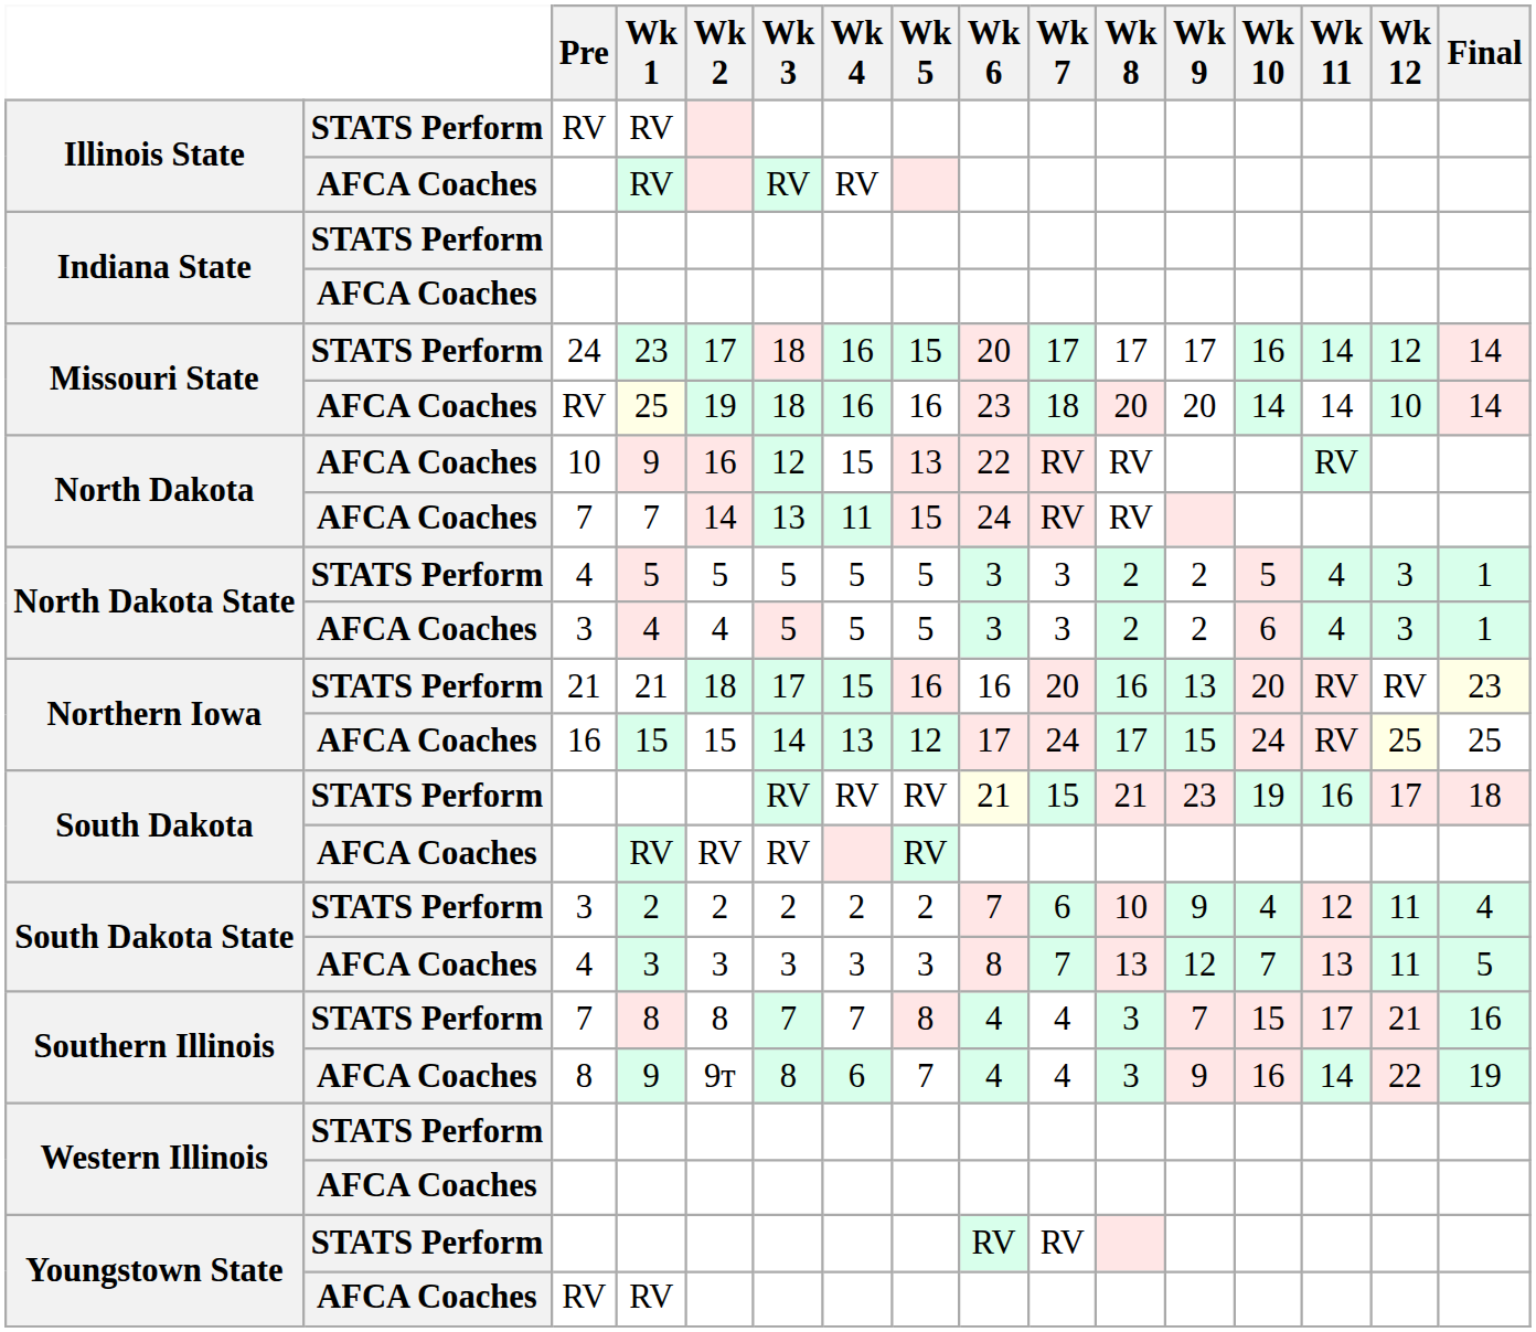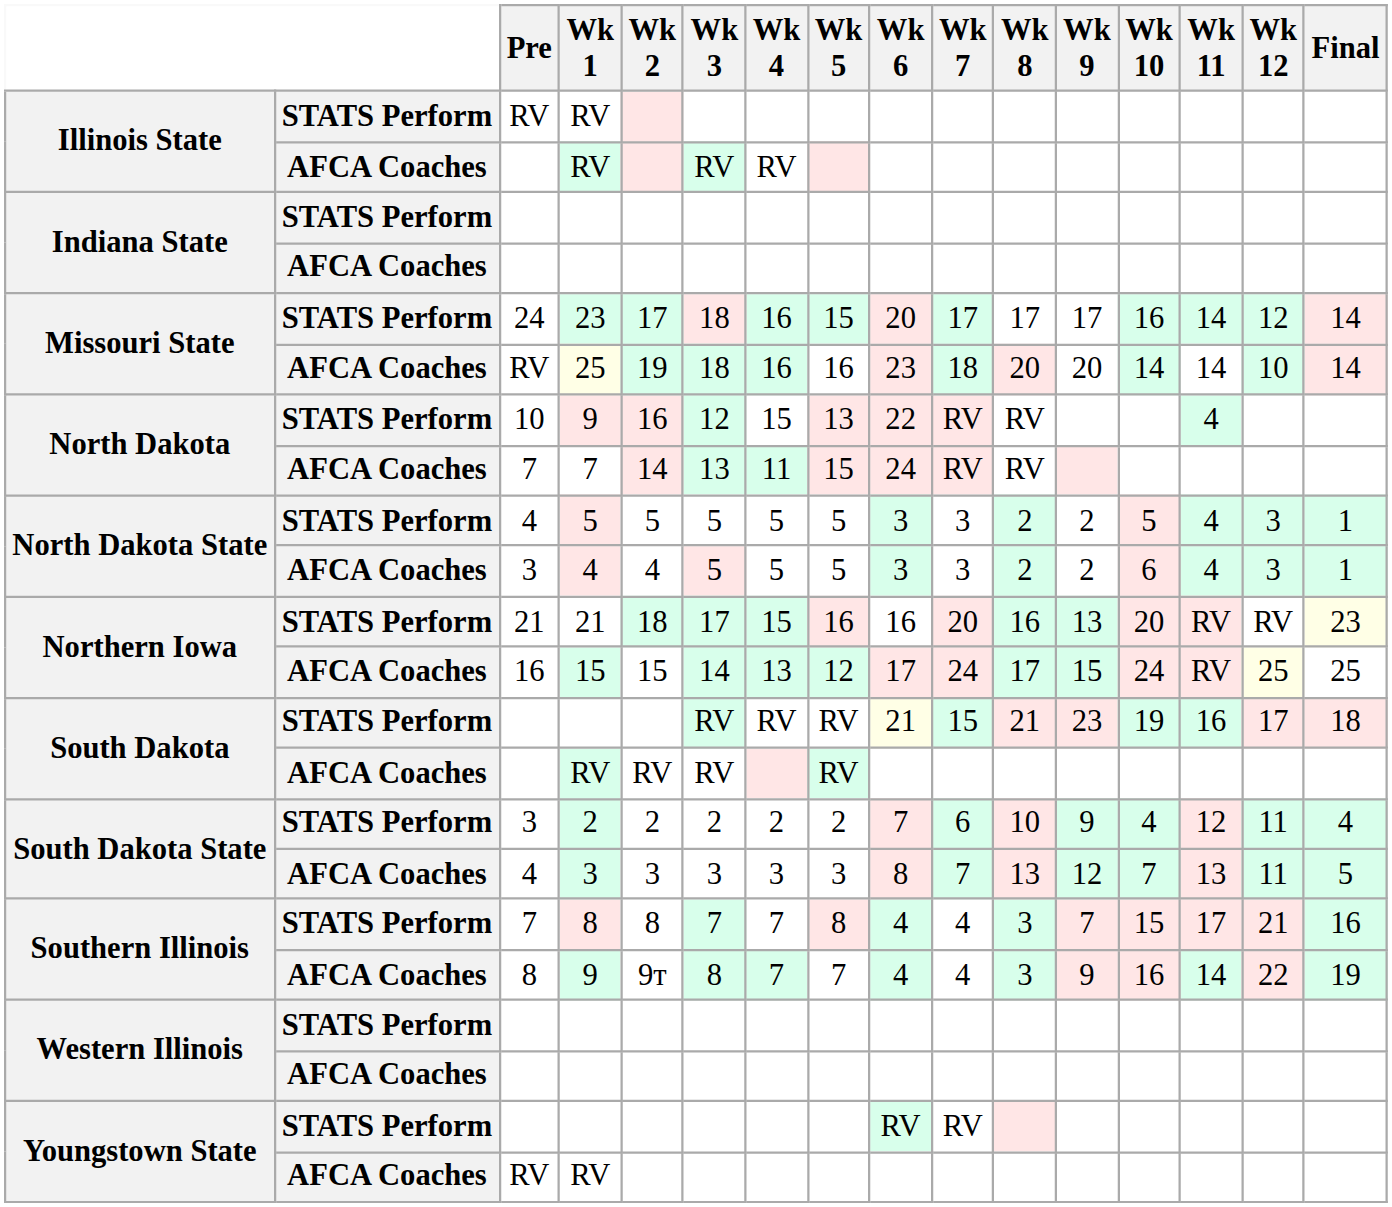 <table class="wikitable" style="white-space:nowrap;font-size:85%;">
 <tr>
 <th colspan=2 style="background:white; border-top-style:hidden; border-left-style:hidden;"> </th>
 <th>Pre</th>
 <th>Wk<br>1</th>
 <th>Wk<br>2</th>
 <th>Wk<br>3</th>
 <th>Wk<br>4</th>
 <th>Wk<br>5</th>
 <th>Wk<br>6</th>
 <th>Wk<br>7</th>
 <th>Wk<br>8</th>
 <th>Wk<br>9</th>
 <th>Wk<br>10</th>
 <th>Wk<br>11</th>
 <th>Wk<br>12</th>
 <th>Final</th>
 </tr>
 <tr style="text-align:center;">
 <th rowspan="2">Illinois State</th>
 <th>STATS Perform</th>
 <td style="background:#FFF;">RV</td>
 <td style="background:#FFF;">RV</td>
 <td style="background:#FFe6e6;"></td>
 <td style="background:#FFF;"></td>
 <td style="background:#FFF;"></td>
 <td style="background:#FFF;"></td>
 <td style="background:#FFF;"></td>
 <td style="background:#FFF;"></td>
 <td style="background:#FFF;"></td>
 <td style="background:#FFF;"></td>
 <td style="background:#FFF;"></td>
 <td style="background:#FFF;"></td>
 <td style="background:#FFF;"></td>
 <td style="background:#FFF;"></td>
 </tr>
 <tr style="text-align:center;">
 <th>AFCA Coaches</th>
 <td style="background:#FFF;"></td>
 <td style="background:#d8ffeb;">RV</td>
 <td style="background:#FFe6e6;"></td>
 <td style="background:#d8ffeb;">RV</td>
 <td style="background:#FFF;">RV</td>
 <td style="background:#FFe6e6;"></td>
 <td style="background:#FFF;"></td>
 <td style="background:#FFF;"></td>
 <td style="background:#FFF;"></td>
 <td style="background:#FFF;"></td>
 <td style="background:#FFF;"></td>
 <td style="background:#FFF;"></td>
 <td style="background:#FFF;"></td>
 <td style="background:#FFF;"></td>
 </tr>
 <tr style="text-align:center;">
 <th rowspan="2">Indiana State</th>
 <th>STATS Perform</th>
 <td style="background:#FFF;"></td>
 <td style="background:#FFF;"></td>
 <td style="background:#FFF;"></td>
 <td style="background:#FFF;"></td>
 <td style="background:#FFF;"></td>
 <td style="background:#FFF;"></td>
 <td style="background:#FFF;"></td>
 <td style="background:#FFF;"></td>
 <td style="background:#FFF;"></td>
 <td style="background:#FFF;"></td>
 <td style="background:#FFF;"></td>
 <td style="background:#FFF;"></td>
 <td style="background:#FFF;"></td>
 <td style="background:#FFF;"></td>
 </tr>
 <tr style="text-align:center;">
 <th>AFCA Coaches</th>
 <td style="background:#FFF;"></td>
 <td style="background:#FFF;"></td>
 <td style="background:#FFF;"></td>
 <td style="background:#FFF;"></td>
 <td style="background:#FFF;"></td>
 <td style="background:#FFF;"></td>
 <td style="background:#FFF;"></td>
 <td style="background:#FFF;"></td>
 <td style="background:#FFF;"></td>
 <td style="background:#FFF;"></td>
 <td style="background:#FFF;"></td>
 <td style="background:#FFF;"></td>
 <td style="background:#FFF;"></td>
 <td style="background:#FFF;"></td>
 </tr>
 <tr style="text-align:center;">
 <th rowspan="2">Missouri State</th>
 <th>STATS Perform</th>
 <td style="background:#FFF;">24</td>
 <td style="background:#d8ffeb;">23</td>
 <td style="background:#d8ffeb;">17</td>
 <td style="background:#FFe6e6;">18</td>
 <td style="background:#d8ffeb;">16</td>
 <td style="background:#d8ffeb;">15</td>
 <td style="background:#FFe6e6;">20</td>
 <td style="background:#d8ffeb;">17</td>
 <td style="background:#FFF;">17</td>
 <td style="background:#FFF;">17</td>
 <td style="background:#d8ffeb;">16</td>
 <td style="background:#d8ffeb;">14</td>
 <td style="background:#d8ffeb;">12</td>
 <td style="background:#FFe6e6;">14</td>
 </tr>
 <tr style="text-align:center;">
 <th>AFCA Coaches</th>
 <td style="background:#FFF;">RV</td>
 <td style="background:#FFffe6;">25</td>
 <td style="background:#d8ffeb;">19</td>
 <td style="background:#d8ffeb;">18</td>
 <td style="background:#d8ffeb;">16</td>
 <td style="background:#FFF;">16</td>
 <td style="background:#FFe6e6;">23</td>
 <td style="background:#d8ffeb;">18</td>
 <td style="background:#FFe6e6;">20</td>
 <td style="background:#FFF;">20</td>
 <td style="background:#d8ffeb;">14</td>
 <td style="background:#FFF;">14</td>
 <td style="background:#d8ffeb;">10</td>
 <td style="background:#FFe6e6;">14</td>
 </tr>
 <tr style="text-align:center;">
 <th rowspan="2">North Dakota</th>
-<th>AFCA Coaches</th>
+<th>STATS Perform</th>
 <td style="background:#FFF;">10</td>
 <td style="background:#FFe6e6;">9</td>
 <td style="background:#FFe6e6;">16</td>
 <td style="background:#d8ffeb;">12</td>
 <td style="background:#FFF;">15</td>
 <td style="background:#FFe6e6;">13</td>
 <td style="background:#FFe6e6;">22</td>
 <td style="background:#FFe6e6;">RV</td>
 <td style="background:#FFF;">RV</td>
 <td style="background:#FFF;"></td>
 <td style="background:#FFF;"></td>
-<td style="background:#d8ffeb;">RV</td>
+<td style="background:#d8ffeb;">4</td>
 <td style="background:#FFF;"></td>
 <td style="background:#FFF;"></td>
 </tr>
 <tr style="text-align:center;">
 <th>AFCA Coaches</th>
 <td style="background:#FFF;">7</td>
 <td style="background:#FFF;">7</td>
 <td style="background:#FFe6e6;">14</td>
 <td style="background:#d8ffeb;">13</td>
 <td style="background:#d8ffeb;">11</td>
 <td style="background:#FFe6e6;">15</td>
 <td style="background:#FFe6e6;">24</td>
 <td style="background:#FFe6e6;">RV</td>
 <td style="background:#FFF;">RV</td>
 <td style="background:#FFe6e6;"></td>
 <td style="background:#FFF;"></td>
 <td style="background:#FFF;"></td>
 <td style="background:#FFF;"></td>
 <td style="background:#FFF;"></td>
 </tr>
 <tr style="text-align:center;">
 <th rowspan="2">North Dakota State</th>
 <th>STATS Perform</th>
 <td style="background:#FFF;">4</td>
 <td style="background:#FFe6e6;">5</td>
 <td style="background:#FFF;">5</td>
 <td style="background:#FFF;">5</td>
 <td style="background:#FFF;">5</td>
 <td style="background:#FFF;">5</td>
 <td style="background:#d8ffeb;">3</td>
 <td style="background:#FFF;">3</td>
 <td style="background:#d8ffeb;">2</td>
 <td style="background:#FFF;">2</td>
 <td style="background:#FFe6e6;">5</td>
 <td style="background:#d8ffeb;">4</td>
 <td style="background:#d8ffeb;">3</td>
 <td style="background:#d8ffeb;">1</td>
 </tr>
 <tr style="text-align:center;">
 <th>AFCA Coaches</th>
 <td style="background:#FFF;">3</td>
 <td style="background:#FFe6e6;">4</td>
 <td style="background:#FFF;">4</td>
 <td style="background:#FFe6e6;">5</td>
 <td style="background:#FFF;">5</td>
 <td style="background:#FFF;">5</td>
 <td style="background:#d8ffeb;">3</td>
 <td style="background:#FFF;">3</td>
 <td style="background:#d8ffeb;">2</td>
 <td style="background:#FFF;">2</td>
 <td style="background:#FFe6e6;">6</td>
 <td style="background:#d8ffeb;">4</td>
 <td style="background:#d8ffeb;">3</td>
 <td style="background:#d8ffeb;">1</td>
 </tr>
 <tr style="text-align:center;">
 <th rowspan="2">Northern Iowa</th>
 <th>STATS Perform</th>
 <td style="background:#FFF;">21</td>
 <td style="background:#FFF;">21</td>
 <td style="background:#d8ffeb;">18</td>
 <td style="background:#d8ffeb;">17</td>
 <td style="background:#d8ffeb;">15</td>
 <td style="background:#FFe6e6;">16</td>
 <td style="background:#FFF;">16</td>
 <td style="background:#FFe6e6;">20</td>
 <td style="background:#d8ffeb;">16</td>
 <td style="background:#d8ffeb;">13</td>
 <td style="background:#FFe6e6;">20</td>
 <td style="background:#FFe6e6;">RV</td>
 <td style="background:#FFF;">RV</td>
 <td style="background:#FFffe6;">23</td>
 </tr>
 <tr style="text-align:center;">
 <th>AFCA Coaches</th>
 <td style="background:#FFF;">16</td>
 <td style="background:#d8ffeb;">15</td>
 <td style="background:#FFF;">15</td>
 <td style="background:#d8ffeb;">14</td>
 <td style="background:#d8ffeb;">13</td>
 <td style="background:#d8ffeb;">12</td>
 <td style="background:#FFe6e6;">17</td>
 <td style="background:#FFe6e6;">24</td>
 <td style="background:#d8ffeb;">17</td>
 <td style="background:#d8ffeb;">15</td>
 <td style="background:#FFe6e6;">24</td>
 <td style="background:#FFe6e6;">RV</td>
 <td style="background:#FFffe6;">25</td>
 <td style="background:#FFF;">25</td>
 </tr>
 <tr style="text-align:center;">
 <th rowspan="2">South Dakota</th>
 <th>STATS Perform</th>
 <td style="background:#FFF;"></td>
 <td style="background:#FFF;"></td>
 <td style="background:#FFF;"></td>
 <td style="background:#d8ffeb;">RV</td>
 <td style="background:#FFF;">RV</td>
 <td style="background:#FFF;">RV</td>
 <td style="background:#FFffe6;">21</td>
 <td style="background:#d8ffeb;">15</td>
 <td style="background:#FFe6e6;">21</td>
 <td style="background:#FFe6e6;">23</td>
 <td style="background:#d8ffeb;">19</td>
 <td style="background:#d8ffeb;">16</td>
 <td style="background:#FFe6e6;">17</td>
 <td style="background:#FFe6e6;">18</td>
 </tr>
 <tr style="text-align:center;">
 <th>AFCA Coaches</th>
 <td style="background:#FFF;"></td>
 <td style="background:#d8ffeb;">RV</td>
 <td style="background:#FFF;">RV</td>
 <td style="background:#FFF;">RV</td>
 <td style="background:#FFe6e6;"></td>
 <td style="background:#d8ffeb;">RV</td>
 <td style="background:#FFF;"></td>
 <td style="background:#FFF;"></td>
 <td style="background:#FFF;"></td>
 <td style="background:#FFF;"></td>
 <td style="background:#FFF;"></td>
 <td style="background:#FFF;"></td>
 <td style="background:#FFF;"></td>
 <td style="background:#FFF;"></td>
 </tr>
 <tr style="text-align:center;">
 <th rowspan="2">South Dakota State</th>
 <th>STATS Perform</th>
 <td style="background:#FFF;">3</td>
 <td style="background:#d8ffeb;">2</td>
 <td style="background:#FFF;">2</td>
 <td style="background:#FFF;">2</td>
 <td style="background:#FFF;">2</td>
 <td style="background:#FFF;">2</td>
 <td style="background:#FFe6e6;">7</td>
 <td style="background:#d8ffeb;">6</td>
 <td style="background:#FFe6e6;">10</td>
 <td style="background:#d8ffeb;">9</td>
 <td style="background:#d8ffeb;">4</td>
 <td style="background:#FFe6e6;">12</td>
 <td style="background:#d8ffeb;">11</td>
 <td style="background:#d8ffeb;">4</td>
 </tr>
 <tr style="text-align:center;">
 <th>AFCA Coaches</th>
 <td style="background:#FFF;">4</td>
 <td style="background:#d8ffeb;">3</td>
 <td style="background:#FFF;">3</td>
 <td style="background:#FFF;">3</td>
 <td style="background:#FFF;">3</td>
 <td style="background:#FFF;">3</td>
 <td style="background:#FFe6e6;">8</td>
 <td style="background:#d8ffeb;">7</td>
 <td style="background:#FFe6e6;">13</td>
 <td style="background:#d8ffeb;">12</td>
 <td style="background:#d8ffeb;">7</td>
 <td style="background:#FFe6e6;">13</td>
 <td style="background:#d8ffeb;">11</td>
 <td style="background:#d8ffeb;">5</td>
 </tr>
 <tr style="text-align:center;">
 <th rowspan="2">Southern Illinois</th>
 <th>STATS Perform</th>
 <td style="background:#FFF;">7</td>
 <td style="background:#FFe6e6;">8</td>
 <td style="background:#FFF;">8</td>
 <td style="background:#d8ffeb;">7</td>
 <td style="background:#FFF;">7</td>
 <td style="background:#FFe6e6;">8</td>
 <td style="background:#d8ffeb;">4</td>
 <td style="background:#FFF;">4</td>
 <td style="background:#d8ffeb;">3</td>
 <td style="background:#FFe6e6;">7</td>
 <td style="background:#FFe6e6;">15</td>
 <td style="background:#FFe6e6;">17</td>
 <td style="background:#FFe6e6;">21</td>
 <td style="background:#d8ffeb;">16</td>
 </tr>
 <tr style="text-align:center;">
 <th>AFCA Coaches</th>
 <td style="background:#FFF;">8</td>
 <td style="background:#d8ffeb;">9</td>
 <td style="background:#FFF;">9т</td>
 <td style="background:#d8ffeb;">8</td>
-<td style="background:#d8ffeb;">6</td>
+<td style="background:#d8ffeb;">7</td>
 <td style="background:#FFF;">7</td>
 <td style="background:#d8ffeb;">4</td>
 <td style="background:#FFF;">4</td>
 <td style="background:#d8ffeb;">3</td>
 <td style="background:#FFe6e6;">9</td>
 <td style="background:#FFe6e6;">16</td>
 <td style="background:#d8ffeb;">14</td>
 <td style="background:#FFe6e6;">22</td>
 <td style="background:#d8ffeb;">19</td>
 </tr>
 <tr style="text-align:center;">
 <th rowspan="2">Western Illinois</th>
 <th>STATS Perform</th>
 <td style="background:#FFF;"></td>
 <td style="background:#FFF;"></td>
 <td style="background:#FFF;"></td>
 <td style="background:#FFF;"></td>
 <td style="background:#FFF;"></td>
 <td style="background:#FFF;"></td>
 <td style="background:#FFF;"></td>
 <td style="background:#FFF;"></td>
 <td style="background:#FFF;"></td>
 <td style="background:#FFF;"></td>
 <td style="background:#FFF;"></td>
 <td style="background:#FFF;"></td>
 <td style="background:#FFF;"></td>
 <td style="background:#FFF;"></td>
 </tr>
 <tr style="text-align:center;">
 <th>AFCA Coaches</th>
 <td style="background:#FFF;"></td>
 <td style="background:#FFF;"></td>
 <td style="background:#FFF;"></td>
 <td style="background:#FFF;"></td>
 <td style="background:#FFF;"></td>
 <td style="background:#FFF;"></td>
 <td style="background:#FFF;"></td>
 <td style="background:#FFF;"></td>
 <td style="background:#FFF;"></td>
 <td style="background:#FFF;"></td>
 <td style="background:#FFF;"></td>
 <td style="background:#FFF;"></td>
 <td style="background:#FFF;"></td>
 <td style="background:#FFF;"></td>
 </tr>
 <tr style="text-align:center;">
 <th rowspan="2">Youngstown State</th>
 <th>STATS Perform</th>
 <td style="background:#FFF;"></td>
 <td style="background:#FFF;"></td>
 <td style="background:#FFF;"></td>
 <td style="background:#FFF;"></td>
 <td style="background:#FFF;"></td>
 <td style="background:#FFF;"></td>
 <td style="background:#d8ffeb;">RV</td>
 <td style="background:#FFF;">RV</td>
 <td style="background:#FFe6e6;"></td>
 <td style="background:#FFF;"></td>
 <td style="background:#FFF;"></td>
 <td style="background:#FFF;"></td>
 <td style="background:#FFF;"></td>
 <td style="background:#FFF;"></td>
 </tr>
 <tr style="text-align:center;">
 <th>AFCA Coaches</th>
 <td style="background:#FFF;">RV</td>
 <td style="background:#FFF;">RV</td>
 <td style="background:#FFF;"></td>
 <td style="background:#FFF;"></td>
 <td style="background:#FFF;"></td>
 <td style="background:#FFF;"></td>
 <td style="background:#FFF;"></td>
 <td style="background:#FFF;"></td>
 <td style="background:#FFF;"></td>
 <td style="background:#FFF;"></td>
 <td style="background:#FFF;"></td>
 <td style="background:#FFF;"></td>
 <td style="background:#FFF;"></td>
 <td style="background:#FFF;"></td>
 </tr>
 </table>
